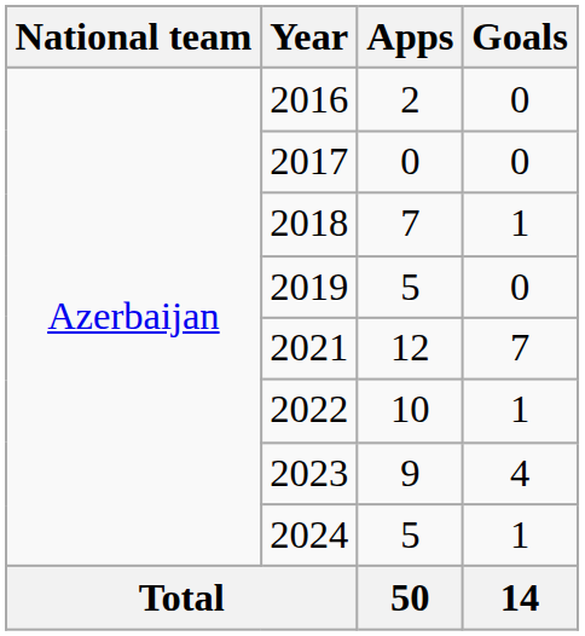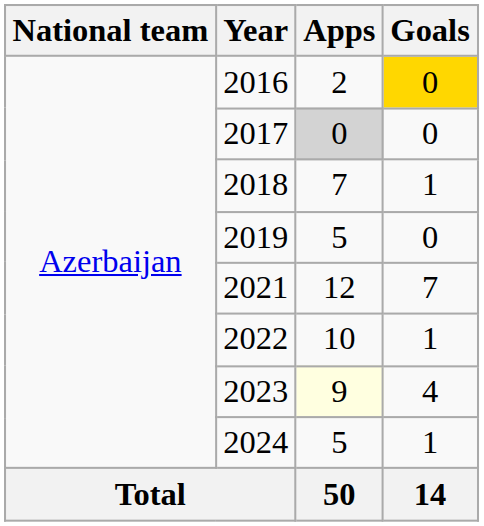 <table class="wikitable" style="text-align:center">
 <tr>
 <th>National team</th>
 <th>Year</th>
 <th>Apps</th>
 <th>Goals</th>
 </tr>
 <tr>
 <td rowspan="8"><a href='#'>Azerbaijan</a></td>
 <td>2016</td>
 <td>2</td>
-<td>0</td>
+<td style="background: gold;">0</td>
 </tr>
 <tr>
 <td>2017</td>
-<td>0</td>
+<td style="background: lightgrey;">0</td>
 <td>0</td>
 </tr>
 <tr>
 <td>2018</td>
 <td>7</td>
 <td>1</td>
 </tr>
 <tr>
 <td>2019</td>
 <td>5</td>
 <td>0</td>
 </tr>
 <tr>
 <td>2021</td>
 <td>12</td>
 <td>7</td>
 </tr>
 <tr>
 <td>2022</td>
 <td>10</td>
 <td>1</td>
 </tr>
 <tr>
 <td>2023</td>
-<td>9</td>
+<td style="background: lightyellow;">9</td>
 <td>4</td>
 </tr>
 <tr>
 <td>2024</td>
 <td>5</td>
 <td>1</td>
 </tr>
 <tr>
 <th colspan="2">Total</th>
 <th>50</th>
 <th>14</th>
 </tr>
 </table>
